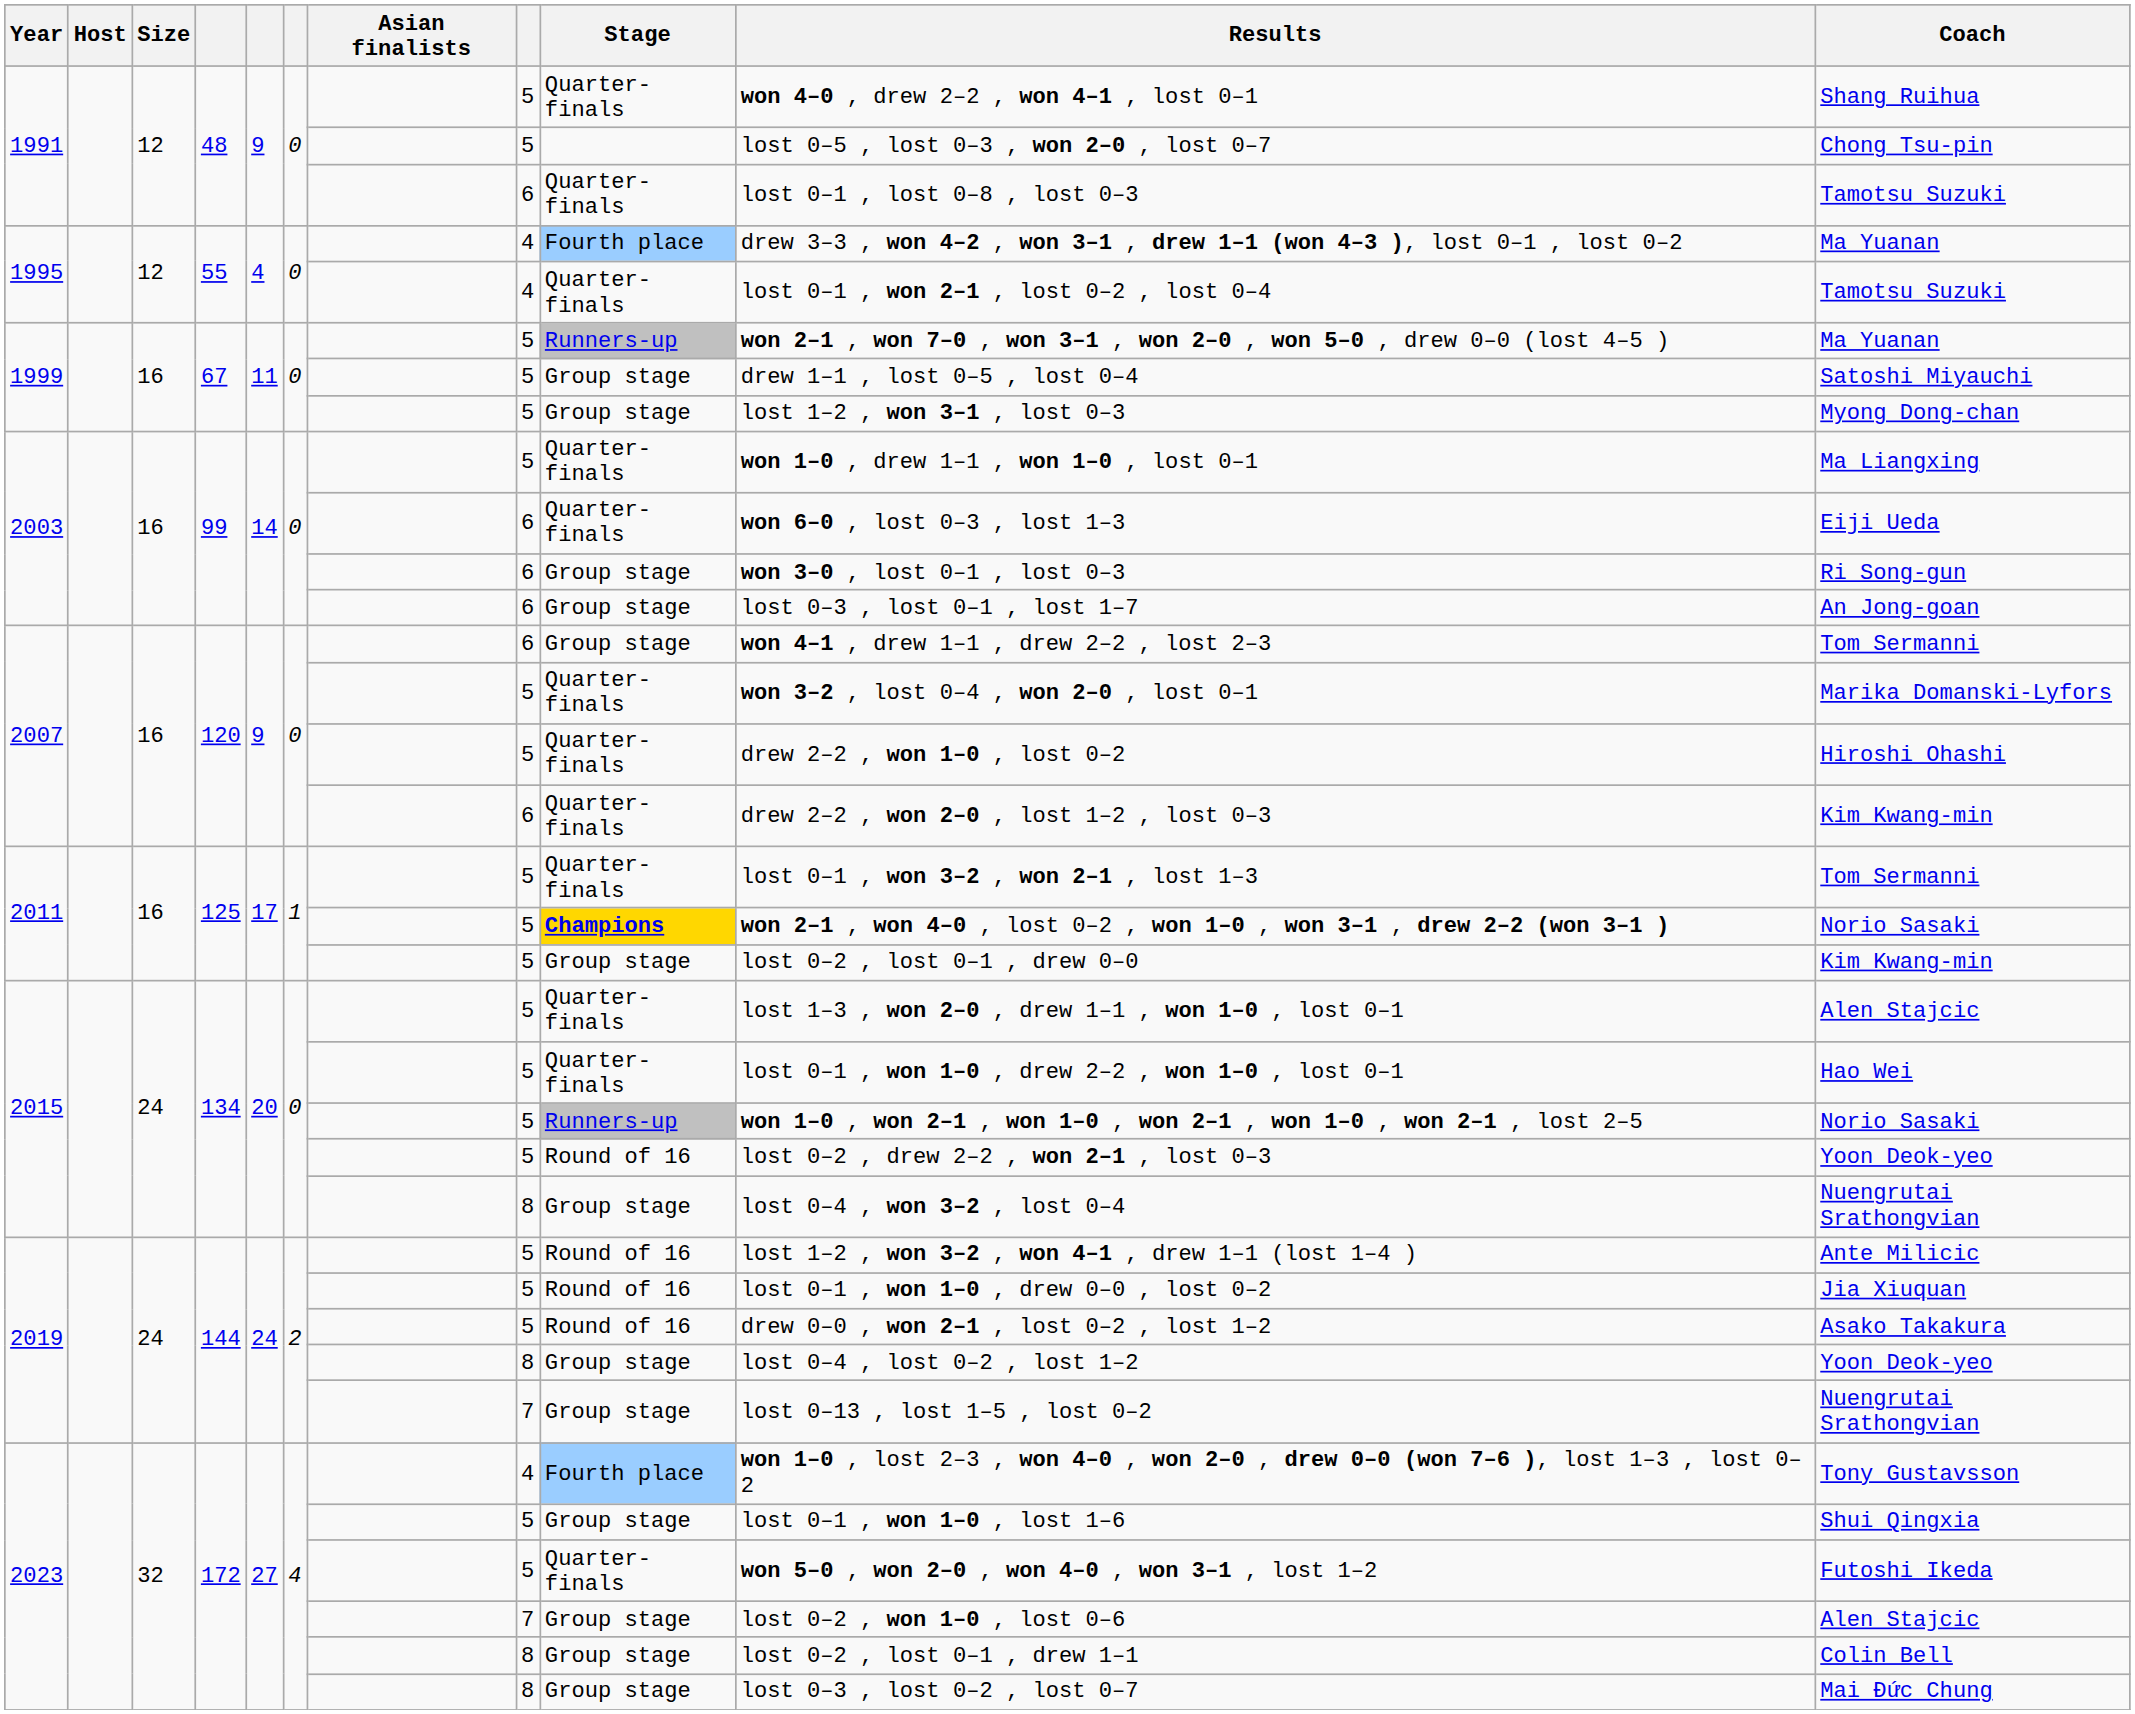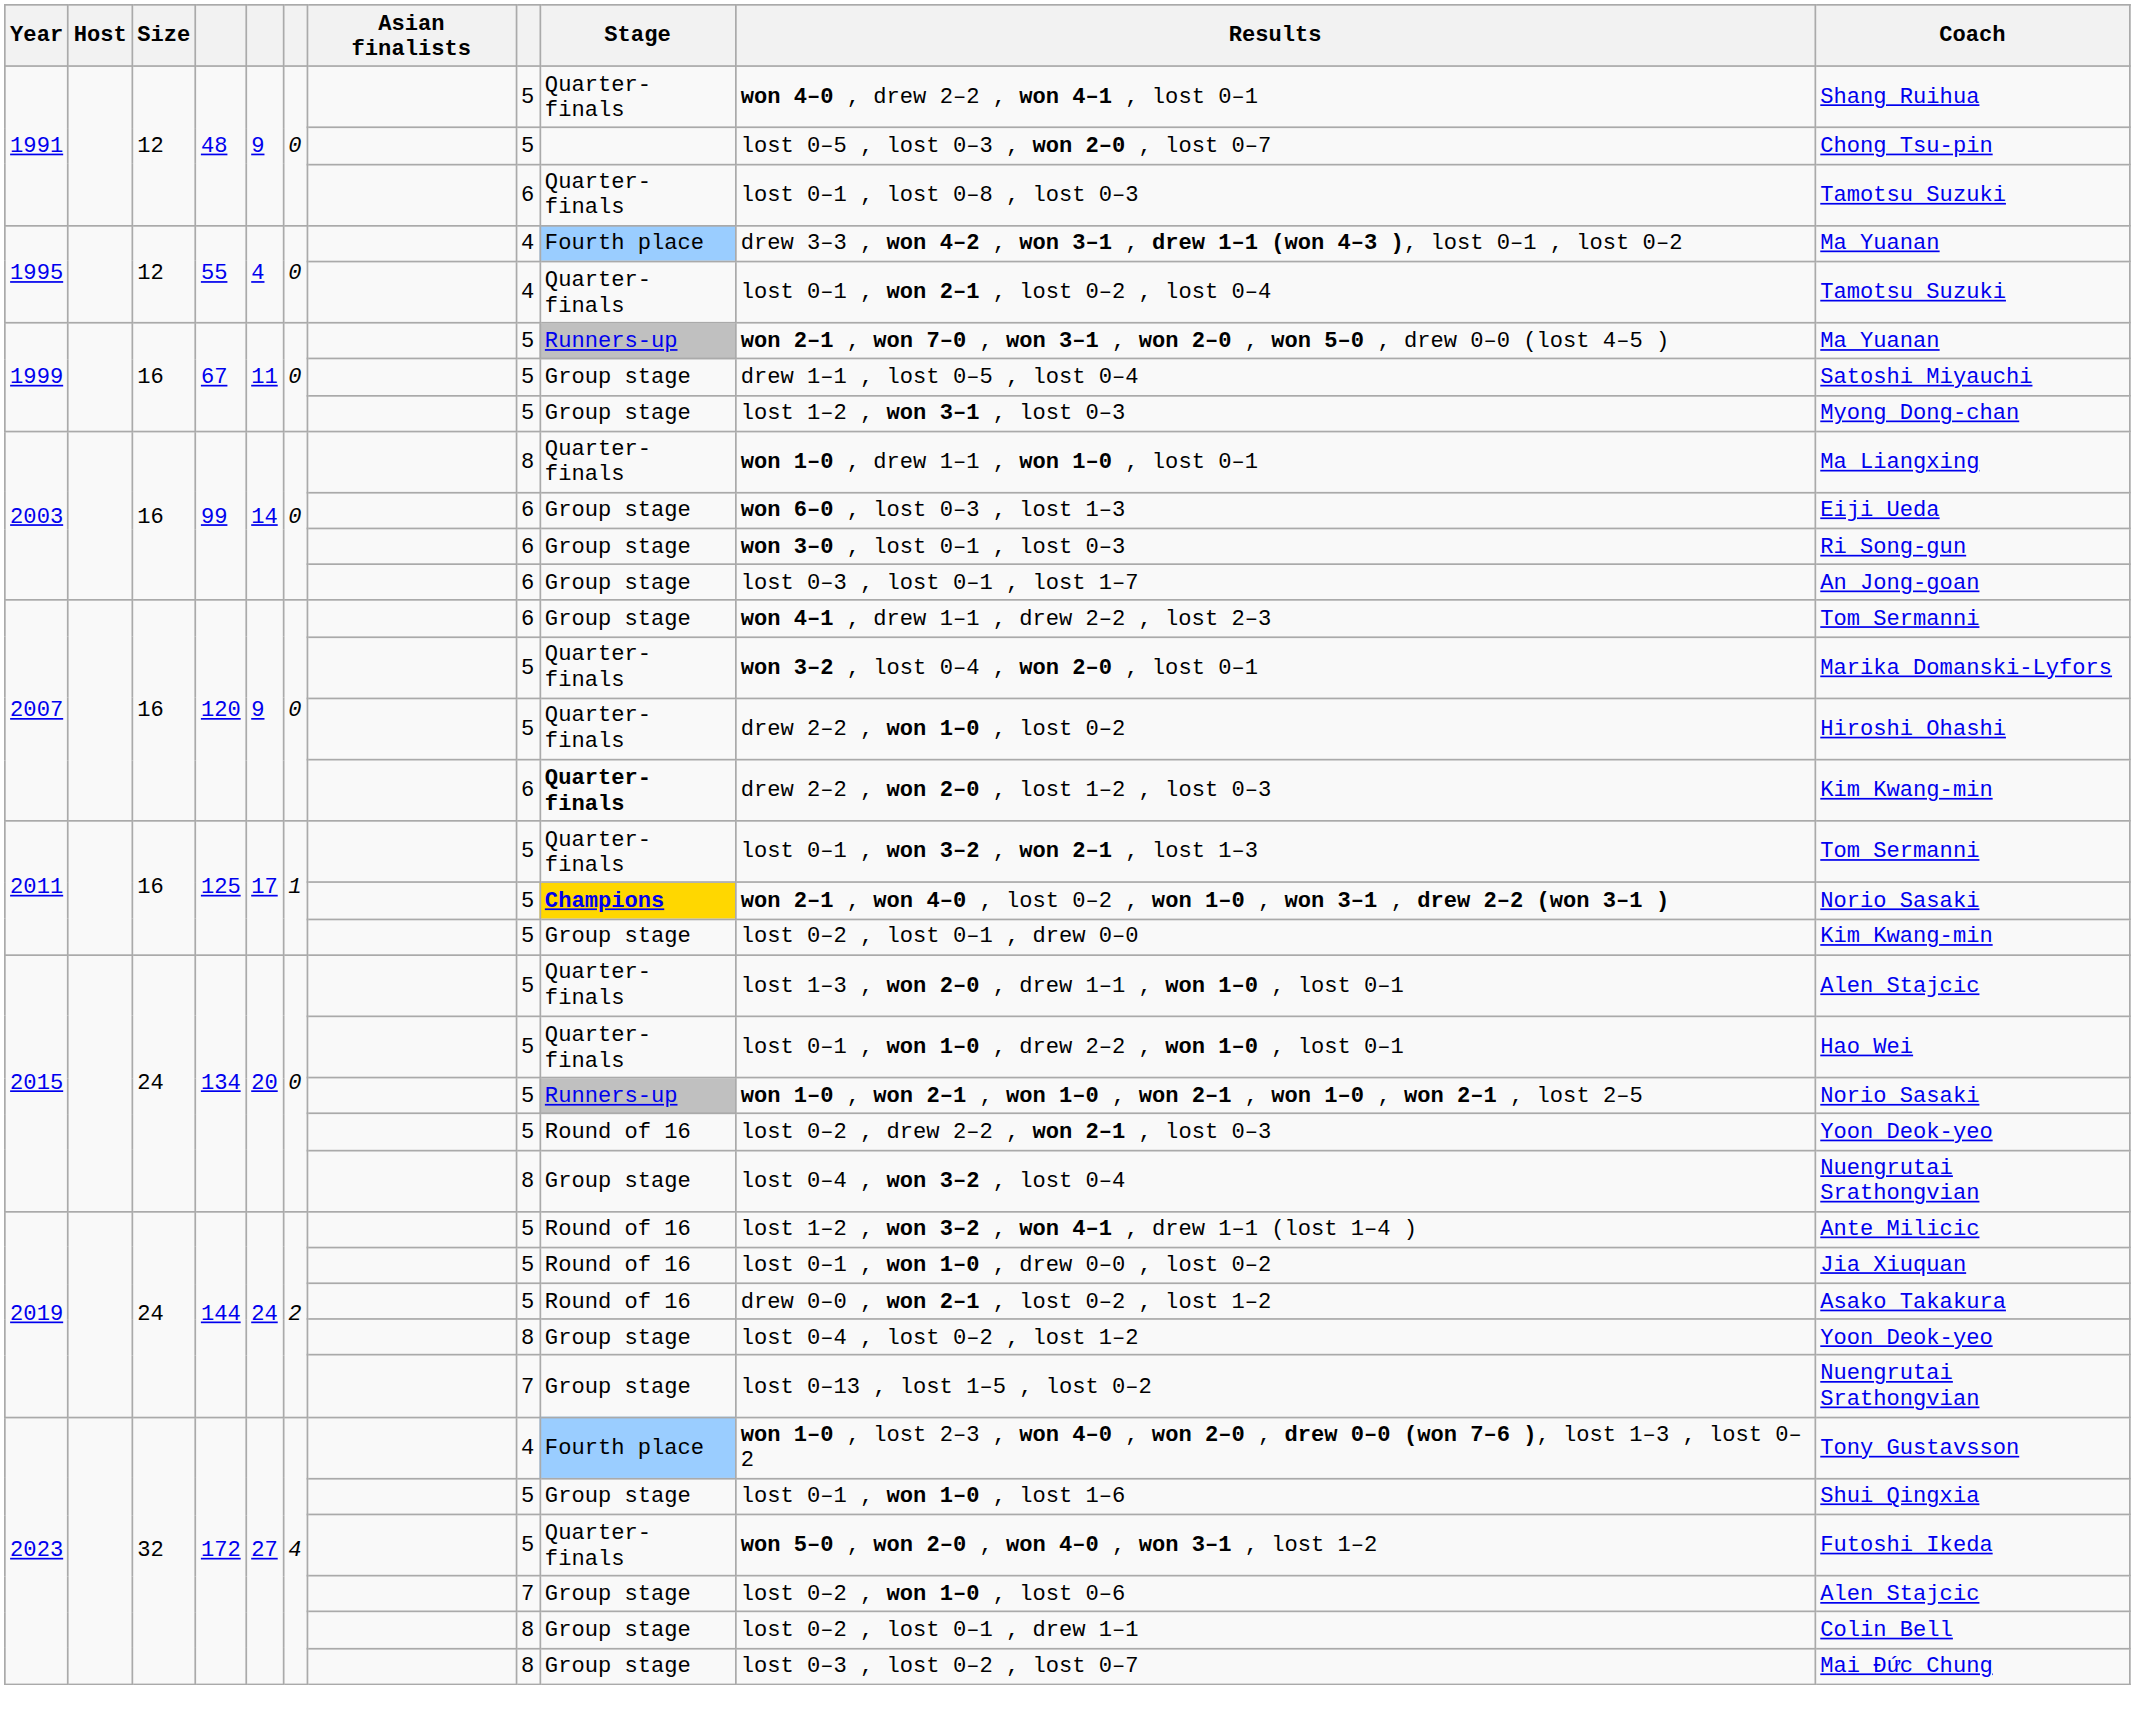 <table class="wikitable sortable"px solid black" cellpadding="2">
 <tr>
 <th>Year</th>
 <th>Host</th>
 <th>Size</th>
 <th></th>
 <th></th>
 <th></th>
 <th>Asian finalists</th>
 <th></th>
 <th>Stage</th>
 <th>Results</th>
 <th>Coach</th>
 </tr>
 <tr>
 <td rowspan=3><a href='#'>1991</a></td>
 <td rowspan=3><strong></strong></td>
 <td rowspan=3>12</td>
 <td rowspan=3><a href='#'>48</a></td>
 <td rowspan=3><a href='#'>9</a></td>
 <td rowspan=3><em>0</em></td>
 <td></td>
 <td>5</td>
 <td>Quarter-finals</td>
 <td><strong>won 4–0 </strong>, drew 2–2 , <strong>won 4–1 </strong>, lost 0–1 </td>
 <td> <a href='#'>Shang Ruihua</a></td>
 </tr>
 <tr>
 <td></td>
 <td>5</td>
 <td></td>
 <td>lost 0–5 , lost 0–3 , <strong>won 2–0 </strong>, lost 0–7 </td>
 <td> <a href='#'>Chong Tsu-pin</a></td>
 </tr>
 <tr>
 <td></td>
 <td>6</td>
 <td>Quarter-finals</td>
 <td>lost 0–1 , lost 0–8 , lost 0–3 </td>
 <td> <a href='#'>Tamotsu Suzuki</a></td>
 </tr>
 <tr>
 <td rowspan=2><a href='#'>1995</a></td>
 <td rowspan=2><strong></strong></td>
 <td rowspan=2>12</td>
 <td rowspan=2><a href='#'>55</a></td>
 <td rowspan=2><a href='#'>4</a></td>
 <td rowspan=2><em>0</em></td>
 <td></td>
 <td>4</td>
 <td bgcolor=#9acdff>Fourth place</td>
 <td>drew 3–3 , <strong>won 4–2 </strong>, <strong>won 3–1 </strong>, <strong>drew 1–1  (won 4–3 )</strong>, lost 0–1 , lost 0–2 </td>
 <td> <a href='#'>Ma Yuanan</a></td>
 </tr>
 <tr>
 <td></td>
 <td>4</td>
 <td>Quarter-finals</td>
 <td>lost 0–1 , <strong>won 2–1 </strong>, lost 0–2 , lost 0–4 </td>
 <td> <a href='#'>Tamotsu Suzuki</a></td>
 </tr>
 <tr>
 <td rowspan=3><a href='#'>1999</a></td>
 <td rowspan=3><strong></strong></td>
 <td rowspan=3>16</td>
 <td rowspan=3><a href='#'>67</a></td>
 <td rowspan=3><a href='#'>11</a></td>
 <td rowspan=3><em>0</em></td>
 <td></td>
 <td>5</td>
 <td bgcolor=silver><a href='#'>Runners-up</a></td>
 <td><strong>won 2–1 </strong>, <strong>won 7–0 </strong>, <strong>won 3–1 </strong>, <strong>won 2–0 </strong>, <strong>won 5–0 </strong>, drew 0–0  (lost 4–5 )</td>
 <td> <a href='#'>Ma Yuanan</a></td>
 </tr>
 <tr>
 <td></td>
 <td>5</td>
 <td>Group stage</td>
 <td>drew 1–1 , lost 0–5 , lost 0–4 </td>
 <td> <a href='#'>Satoshi Miyauchi</a></td>
 </tr>
 <tr>
 <td></td>
 <td>5</td>
 <td>Group stage</td>
 <td>lost 1–2 , <strong>won 3–1 </strong>, lost 0–3 </td>
 <td> <a href='#'>Myong Dong-chan</a></td>
 </tr>
 <tr>
 <td rowspan=4><a href='#'>2003</a></td>
 <td rowspan=4></td>
 <td rowspan=4>16</td>
 <td rowspan=4><a href='#'>99</a></td>
 <td rowspan=4><a href='#'>14</a></td>
 <td rowspan=4><em>0</em></td>
 <td></td>
-<td>5</td>
+<td>8</td>
 <td>Quarter-finals</td>
 <td><strong>won 1–0 </strong>, drew 1–1 , <strong>won 1–0 </strong>, lost 0–1 </td>
 <td> <a href='#'>Ma Liangxing</a></td>
 </tr>
 <tr>
 <td></td>
 <td>6</td>
-<td>Quarter-finals</td>
+<td>Group stage</td>
 <td><strong>won 6–0 </strong>, lost 0–3 , lost 1–3 </td>
 <td> <a href='#'>Eiji Ueda</a></td>
 </tr>
 <tr>
 <td></td>
 <td>6</td>
 <td>Group stage</td>
 <td><strong>won 3–0 </strong>, lost 0–1 , lost 0–3 </td>
 <td> <a href='#'>Ri Song-gun</a></td>
 </tr>
 <tr>
 <td></td>
 <td>6</td>
 <td>Group stage</td>
 <td>lost 0–3 , lost 0–1 , lost 1–7 </td>
 <td> <a href='#'>An Jong-goan</a></td>
 </tr>
 <tr>
 <td rowspan=4><a href='#'>2007</a></td>
 <td rowspan=4><strong></strong></td>
 <td rowspan=4>16</td>
 <td rowspan=4><a href='#'>120</a></td>
 <td rowspan=4><a href='#'>9</a></td>
 <td rowspan=4><em>0</em></td>
 <td></td>
 <td>6</td>
 <td>Group stage</td>
 <td><strong>won 4–1 </strong>, drew 1–1 , drew 2–2 , lost 2–3 </td>
 <td> <a href='#'>Tom Sermanni</a></td>
 </tr>
 <tr>
 <td></td>
 <td>5</td>
 <td>Quarter-finals</td>
 <td><strong>won 3–2 </strong>, lost 0–4 , <strong>won 2–0 </strong>, lost 0–1 </td>
 <td> <a href='#'>Marika Domanski-Lyfors</a></td>
 </tr>
 <tr>
 <td></td>
 <td>5</td>
 <td>Quarter-finals</td>
 <td>drew 2–2 , <strong>won 1–0 </strong>, lost 0–2 </td>
 <td> <a href='#'>Hiroshi Ohashi</a></td>
 </tr>
 <tr>
 <td></td>
 <td>6</td>
-<td>Quarter-finals</td>
+<td><strong>Quarter-finals</strong></td>
 <td>drew 2–2 , <strong>won 2–0 </strong>, lost 1–2 , lost 0–3 </td>
 <td> <a href='#'>Kim Kwang-min</a></td>
 </tr>
 <tr>
 <td rowspan=3><a href='#'>2011</a></td>
 <td rowspan=3><strong></strong></td>
 <td rowspan=3>16</td>
 <td rowspan=3><a href='#'>125</a></td>
 <td rowspan=3><a href='#'>17</a></td>
 <td rowspan=3><em>1</em></td>
 <td></td>
 <td>5</td>
 <td>Quarter-finals</td>
 <td>lost 0–1 , <strong>won 3–2 </strong>, <strong>won 2–1 </strong>, lost 1–3 </td>
 <td> <a href='#'>Tom Sermanni</a></td>
 </tr>
 <tr>
 <td></td>
 <td>5</td>
 <td bgcolor=gold><strong><a href='#'>Champions</a></strong></td>
 <td><strong>won 2–1 </strong>, <strong>won 4–0 </strong>, lost 0–2 , <strong>won 1–0  </strong>, <strong>won 3–1 </strong>, <strong>drew 2–2  (won 3–1 )</strong></td>
 <td> <a href='#'>Norio Sasaki</a></td>
 </tr>
 <tr>
 <td></td>
 <td>5</td>
 <td>Group stage</td>
 <td>lost 0–2 , lost 0–1 , drew 0–0 </td>
 <td> <a href='#'>Kim Kwang-min</a></td>
 </tr>
 <tr>
 <td rowspan=5><a href='#'>2015</a></td>
 <td rowspan=5><strong></strong></td>
 <td rowspan=5>24</td>
 <td rowspan=5><a href='#'>134</a></td>
 <td rowspan=5><a href='#'>20</a></td>
 <td rowspan=5><em>0</em></td>
 <td></td>
 <td>5</td>
 <td>Quarter-finals</td>
 <td>lost 1–3 , <strong>won 2–0 </strong>, drew 1–1 , <strong>won 1–0 </strong>, lost 0–1 </td>
 <td> <a href='#'>Alen Stajcic</a></td>
 </tr>
 <tr>
 <td></td>
 <td>5</td>
 <td>Quarter-finals</td>
 <td>lost 0–1 , <strong>won 1–0 </strong>, drew 2–2 , <strong>won 1–0 </strong>, lost 0–1 </td>
 <td> <a href='#'>Hao Wei</a></td>
 </tr>
 <tr>
 <td></td>
 <td>5</td>
 <td bgcolor=silver><a href='#'>Runners-up</a></td>
 <td><strong>won 1–0 </strong>, <strong>won 2–1 </strong>, <strong>won 1–0 </strong>, <strong>won 2–1 </strong>, <strong>won 1–0 </strong>, <strong>won 2–1 </strong>, lost 2–5 </td>
 <td> <a href='#'>Norio Sasaki</a></td>
 </tr>
 <tr>
 <td></td>
 <td>5</td>
 <td>Round of 16</td>
 <td>lost 0–2 , drew 2–2 , <strong>won 2–1 </strong>, lost 0–3 </td>
 <td> <a href='#'>Yoon Deok-yeo</a></td>
 </tr>
 <tr>
 <td></td>
 <td>8</td>
 <td>Group stage</td>
 <td>lost 0–4 , <strong>won 3–2 </strong>, lost 0–4 </td>
 <td> <a href='#'>Nuengrutai Srathongvian</a></td>
 </tr>
 <tr>
 <td rowspan=5><a href='#'>2019</a></td>
 <td rowspan=5><strong></strong></td>
 <td rowspan=5>24</td>
 <td rowspan=5><a href='#'>144</a></td>
 <td rowspan=5><a href='#'>24</a></td>
 <td rowspan=5><em>2</em></td>
 <td></td>
 <td>5</td>
 <td>Round of 16</td>
 <td>lost 1–2 , <strong>won 3–2 </strong>, <strong>won 4–1 </strong>, drew 1–1  (lost 1–4 )</td>
 <td> <a href='#'>Ante Milicic</a></td>
 </tr>
 <tr>
 <td></td>
 <td>5</td>
 <td>Round of 16</td>
 <td>lost 0–1 , <strong>won 1–0 </strong>, drew 0–0 , lost 0–2 </td>
 <td> <a href='#'>Jia Xiuquan</a></td>
 </tr>
 <tr>
 <td></td>
 <td>5</td>
 <td>Round of 16</td>
 <td>drew 0–0 , <strong>won 2–1 </strong>, lost 0–2 , lost 1–2 </td>
 <td> <a href='#'>Asako Takakura</a></td>
 </tr>
 <tr>
 <td></td>
 <td>8</td>
 <td>Group stage</td>
 <td>lost 0–4 , lost 0–2 , lost 1–2 </td>
 <td> <a href='#'>Yoon Deok-yeo</a></td>
 </tr>
 <tr>
 <td></td>
 <td>7</td>
 <td>Group stage</td>
 <td>lost 0–13 , lost 1–5 , lost 0–2 </td>
 <td> <a href='#'>Nuengrutai Srathongvian</a></td>
 </tr>
 <tr>
 <td rowspan=6><a href='#'>2023</a></td>
 <td rowspan=6><strong><br></strong></td>
 <td rowspan=6>32</td>
 <td rowspan=6><a href='#'>172</a></td>
 <td rowspan=6><a href='#'>27</a></td>
 <td rowspan=6><em>4</em></td>
 <td></td>
 <td>4</td>
 <td bgcolor=#9acdff>Fourth place</td>
 <td><strong>won 1–0 </strong>, lost 2–3 , <strong>won 4–0 </strong>, <strong>won 2–0 </strong>, <strong>drew 0–0  (won 7–6 )</strong>, lost 1–3 , lost 0–2 </td>
 <td> <a href='#'>Tony Gustavsson</a></td>
 </tr>
 <tr>
 <td></td>
 <td>5</td>
 <td>Group stage</td>
 <td>lost 0–1 , <strong>won 1–0 </strong>, lost 1–6 </td>
 <td> <a href='#'>Shui Qingxia</a></td>
 </tr>
 <tr>
 <td></td>
 <td>5</td>
 <td>Quarter-finals</td>
 <td><strong>won 5–0 </strong>, <strong>won 2–0 </strong>, <strong>won 4–0 </strong>, <strong>won 3–1 </strong>, lost 1–2 </td>
 <td> <a href='#'>Futoshi Ikeda</a></td>
 </tr>
 <tr>
 <td></td>
 <td>7</td>
 <td>Group stage</td>
 <td>lost 0–2 , <strong>won 1–0 </strong>, lost 0–6 </td>
 <td> <a href='#'>Alen Stajcic</a></td>
 </tr>
 <tr>
 <td></td>
 <td>8</td>
 <td>Group stage</td>
 <td>lost 0–2 , lost 0–1 , drew 1–1 </td>
 <td> <a href='#'>Colin Bell</a></td>
 </tr>
 <tr>
 <td></td>
 <td>8</td>
 <td>Group stage</td>
 <td>lost 0–3 , lost 0–2 , lost 0–7 </td>
 <td> <a href='#'>Mai Đức Chung</a></td>
 </tr>
 </table>
